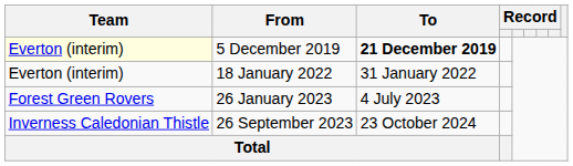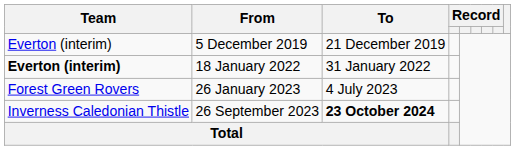 <table class="wikitable" style="text-align: center;">
 <tr>
 <th rowspan=2>Team</th>
 <th rowspan=2>From</th>
 <th rowspan=2>To</th>
 <th colspan=5>Record</th>
 <th rowspan=2></th>
 </tr>
 <tr>
 <th></th>
 <th></th>
 <th></th>
 <th></th>
 <th></th>
 </tr>
 <tr>
-<td align=left style="background: lightyellow;"><a href='#'>Everton</a> (interim)</td>
+<td align=left><a href='#'>Everton</a> (interim)</td>
 <td align=left>5 December 2019</td>
-<td align=left><strong>21 December 2019<br></strong></td>
+<td align=left>21 December 2019<br></td>
 <td></td>
 </tr>
 <tr>
-<td align=left>Everton (interim)</td>
+<td align=left><strong>Everton (interim)</strong></td>
 <td align=left>18 January 2022</td>
 <td align=left>31 January 2022<br></td>
 <td></td>
 </tr>
 <tr>
 <td align=left><a href='#'>Forest Green Rovers</a></td>
 <td align=left>26 January 2023</td>
 <td align=left>4 July 2023<br></td>
 <td></td>
 </tr>
 <tr>
 <td align=left><a href='#'>Inverness Caledonian Thistle</a></td>
 <td align=left>26 September 2023</td>
-<td align=left>23 October 2024<br></td>
+<td align=left><strong>23 October 2024<br></strong></td>
 <td></td>
 </tr>
 <tr>
 <th colspan="3">Total<br></th>
 <th></th>
 </tr>
 </table>
